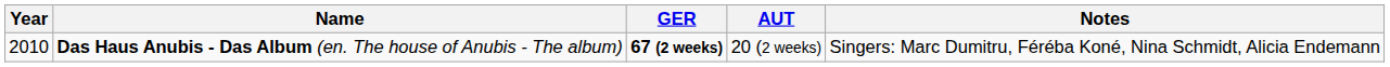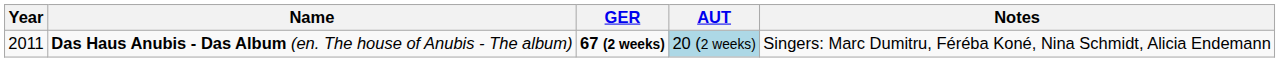 <table class="wikitable">
 <tr>
 <th>Year</th>
 <th>Name</th>
 <th><a href='#'>GER</a></th>
 <th><a href='#'>AUT</a></th>
 <th>Notes</th>
 </tr>
 <tr>
-<td>2010</td>
+<td>2011</td>
 <td><strong>Das Haus Anubis - Das Album</strong> <em>(en. The house of Anubis - The album)</em></td>
 <td><strong>67 <small>(2 weeks)</small></strong></td>
-<td>20 (<small>2 weeks)</small></td>
+<td style="background: lightblue;">20 (<small>2 weeks)</small></td>
 <td>Singers: Marc Dumitru, Féréba Koné, Nina Schmidt, Alicia Endemann</td>
 </tr>
 </table>
